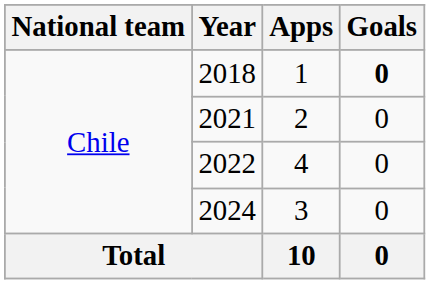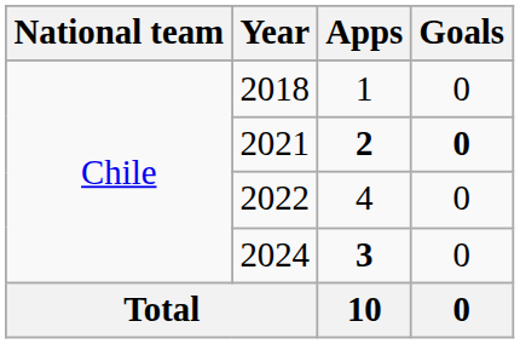 <table class=wikitable style=text-align:center>
 <tr>
 <th>National team</th>
 <th>Year</th>
 <th>Apps</th>
 <th>Goals</th>
 </tr>
 <tr>
 <td rowspan=4><a href='#'>Chile</a></td>
 <td>2018</td>
 <td>1</td>
-<td><strong>0</strong></td>
+<td>0</td>
 </tr>
 <tr>
 <td>2021</td>
-<td>2</td>
-<td>0</td>
+<td><strong>2</strong></td>
+<td><strong>0</strong></td>
 </tr>
 <tr>
 <td>2022</td>
 <td>4</td>
 <td>0</td>
 </tr>
 <tr>
 <td>2024</td>
-<td>3</td>
+<td><strong>3</strong></td>
 <td>0</td>
 </tr>
 <tr>
 <th colspan=2>Total</th>
 <th>10</th>
 <th>0</th>
 </tr>
 </table>
